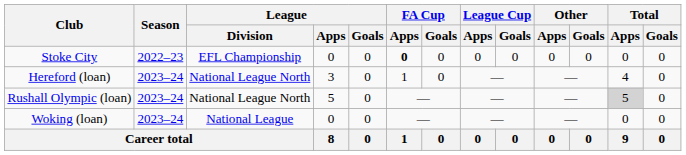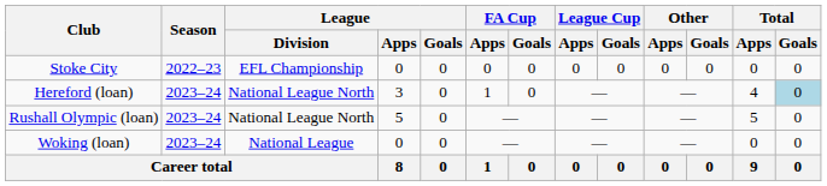 <table class="wikitable" style="text-align:center">
 <tr>
 <th rowspan="2">Club</th>
 <th rowspan="2">Season</th>
 <th colspan="3">League</th>
 <th colspan="2"><a href='#'>FA Cup</a></th>
 <th colspan="2"><a href='#'>League Cup</a></th>
 <th colspan="2">Other</th>
 <th colspan="2">Total</th>
 </tr>
 <tr>
 <th>Division</th>
 <th>Apps</th>
 <th>Goals</th>
 <th>Apps</th>
 <th>Goals</th>
 <th>Apps</th>
 <th>Goals</th>
 <th>Apps</th>
 <th>Goals</th>
 <th>Apps</th>
 <th>Goals</th>
 </tr>
 <tr>
 <td><a href='#'>Stoke City</a></td>
 <td><a href='#'>2022–23</a></td>
 <td><a href='#'>EFL Championship</a></td>
 <td>0</td>
 <td>0</td>
-<td><strong>0</strong></td>
+<td>0</td>
 <td>0</td>
 <td>0</td>
 <td>0</td>
 <td>0</td>
 <td>0</td>
 <td>0</td>
 <td>0</td>
 </tr>
 <tr>
 <td><a href='#'>Hereford</a> (loan)</td>
 <td><a href='#'>2023–24</a></td>
 <td><a href='#'>National League North</a></td>
 <td>3</td>
 <td>0</td>
 <td>1</td>
 <td>0</td>
 <td colspan="2">—</td>
 <td colspan="2">—</td>
 <td>4</td>
-<td>0</td>
+<td style="background: lightblue;">0</td>
 </tr>
 <tr>
 <td><a href='#'>Rushall Olympic</a> (loan)</td>
 <td><a href='#'>2023–24</a></td>
 <td>National League North</td>
 <td>5</td>
 <td>0</td>
 <td colspan="2">—</td>
 <td colspan="2">—</td>
 <td colspan="2">—</td>
-<td style="background: lightgrey;">5</td>
+<td>5</td>
 <td>0</td>
 </tr>
 <tr>
 <td><a href='#'>Woking</a> (loan)</td>
 <td><a href='#'>2023–24</a></td>
 <td><a href='#'>National League</a></td>
 <td>0</td>
 <td>0</td>
 <td colspan="2">—</td>
 <td colspan="2">—</td>
 <td colspan="2">—</td>
 <td>0</td>
 <td>0</td>
 </tr>
 <tr>
 <th colspan="3">Career total</th>
 <th>8</th>
 <th>0</th>
 <th>1</th>
 <th>0</th>
 <th>0</th>
 <th>0</th>
 <th>0</th>
 <th>0</th>
 <th>9</th>
 <th>0</th>
 </tr>
 </table>
